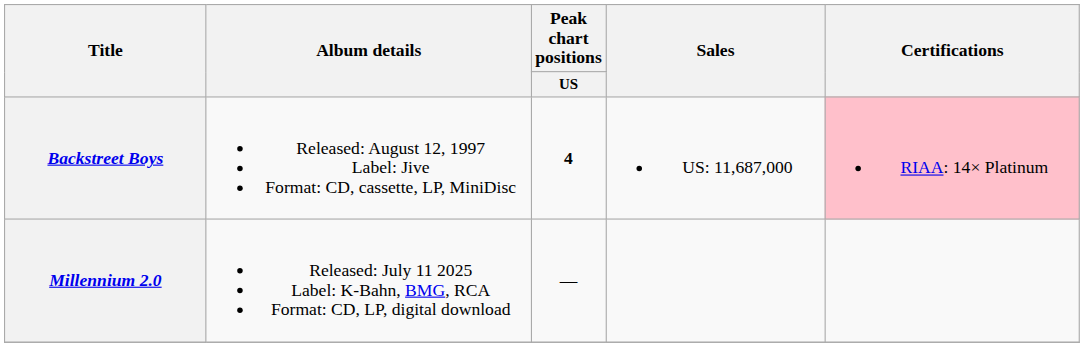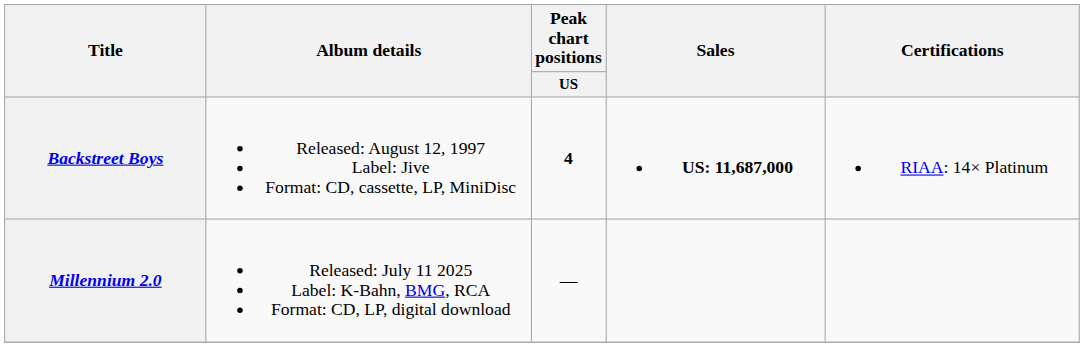 <table class="wikitable plainrowheaders" style="text-align:center;" border="1">
 <tr>
 <th scope="col" rowspan="2" style="width:11em;">Title</th>
 <th scope="col" rowspan="2" style="width:18em;">Album details</th>
 <th scope="col" colspan="1">Peak chart positions</th>
 <th scope="col" rowspan="2" style="width:12em;">Sales</th>
 <th scope="col" rowspan="2" style="width:14em;">Certifications</th>
 </tr>
 <tr>
 <th scope="col" style="width:2.5em;font-size:85%;">US<br></th>
 </tr>
 <tr>
 <th scope="row"><em><a href='#'>Backstreet Boys</a></em></th>
 <td><br><ul><li>Released: August 12, 1997</li><li>Label: Jive</li><li>Format: CD, cassette, LP, MiniDisc</li></ul></td>
 <td><strong>4</strong></td>
-<td><br><ul><li>US: 11,687,000</li></ul></td>
-<td style="background: pink;"><br><ul><li><a href='#'>RIAA</a>: 14× Platinum</li></ul></td>
+<td><strong><br><ul><li>US: 11,687,000</li></ul></strong></td>
+<td><br><ul><li><a href='#'>RIAA</a>: 14× Platinum</li></ul></td>
 </tr>
 <tr>
 <th scope="row"><em><a href='#'>Millennium 2.0</a></em></th>
 <td><br><ul><li>Released: July 11 2025</li><li>Label: K-Bahn, <a href='#'>BMG</a>, RCA</li><li>Format: CD, LP, digital download</li></ul></td>
 <td>—</td>
 <td></td>
 <td></td>
 </tr>
 <tr>
 </tr>
 </table>
